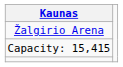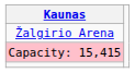 <table class="wikitable" style="margin:1em auto; text-align:center">
 <tr>
 <th><a href='#'>Kaunas</a></th>
 <td rowspan=4></td>
 </tr>
 <tr>
 <td><a href='#'>Žalgirio Arena</a></td>
 </tr>
 <tr>
-<td>Capacity: 15,415</td>
+<td style="background: pink;">Capacity: 15,415</td>
 </tr>
 <tr>
 <td></td>
 </tr>
 </table>
